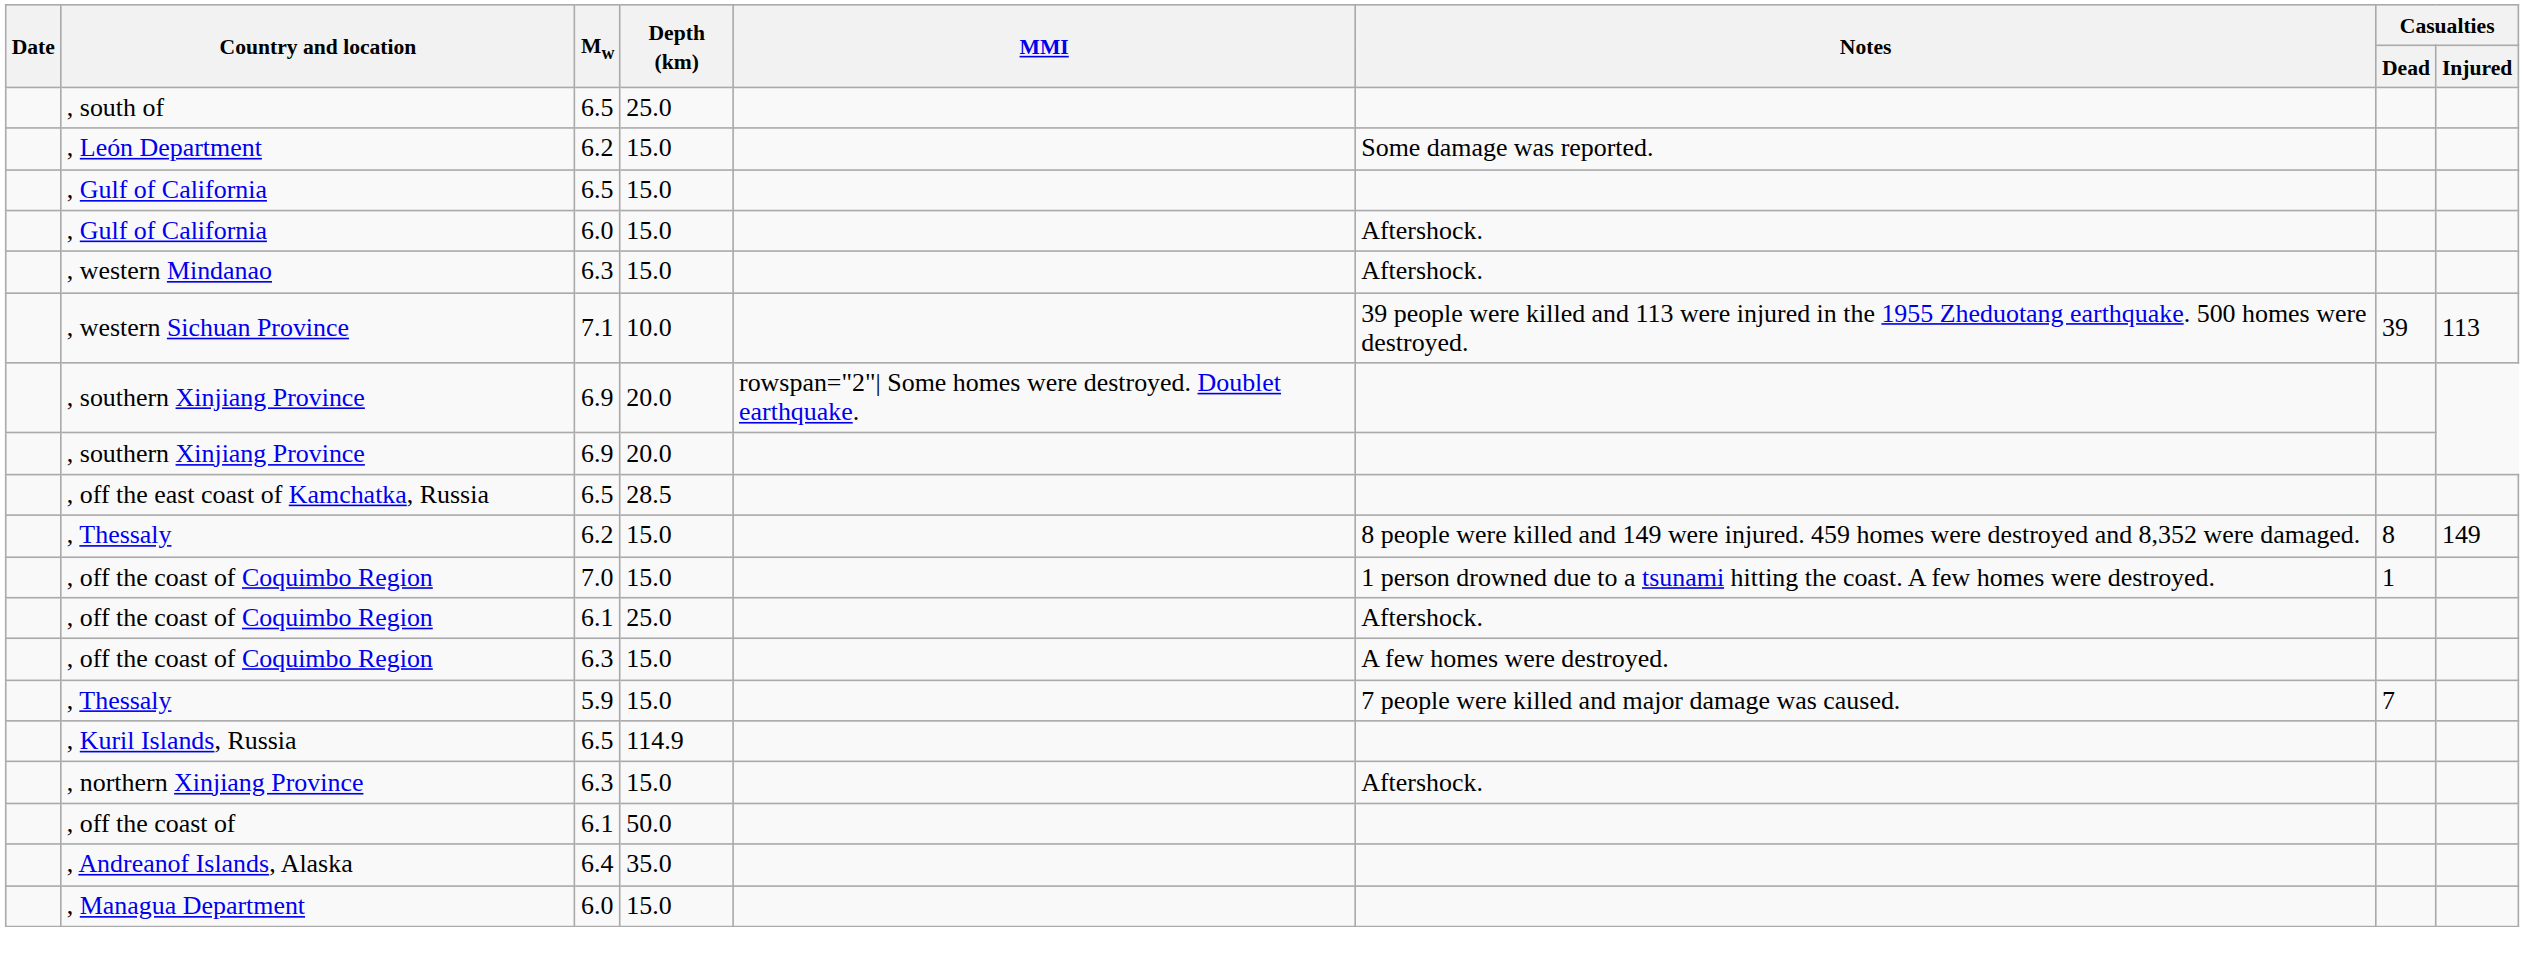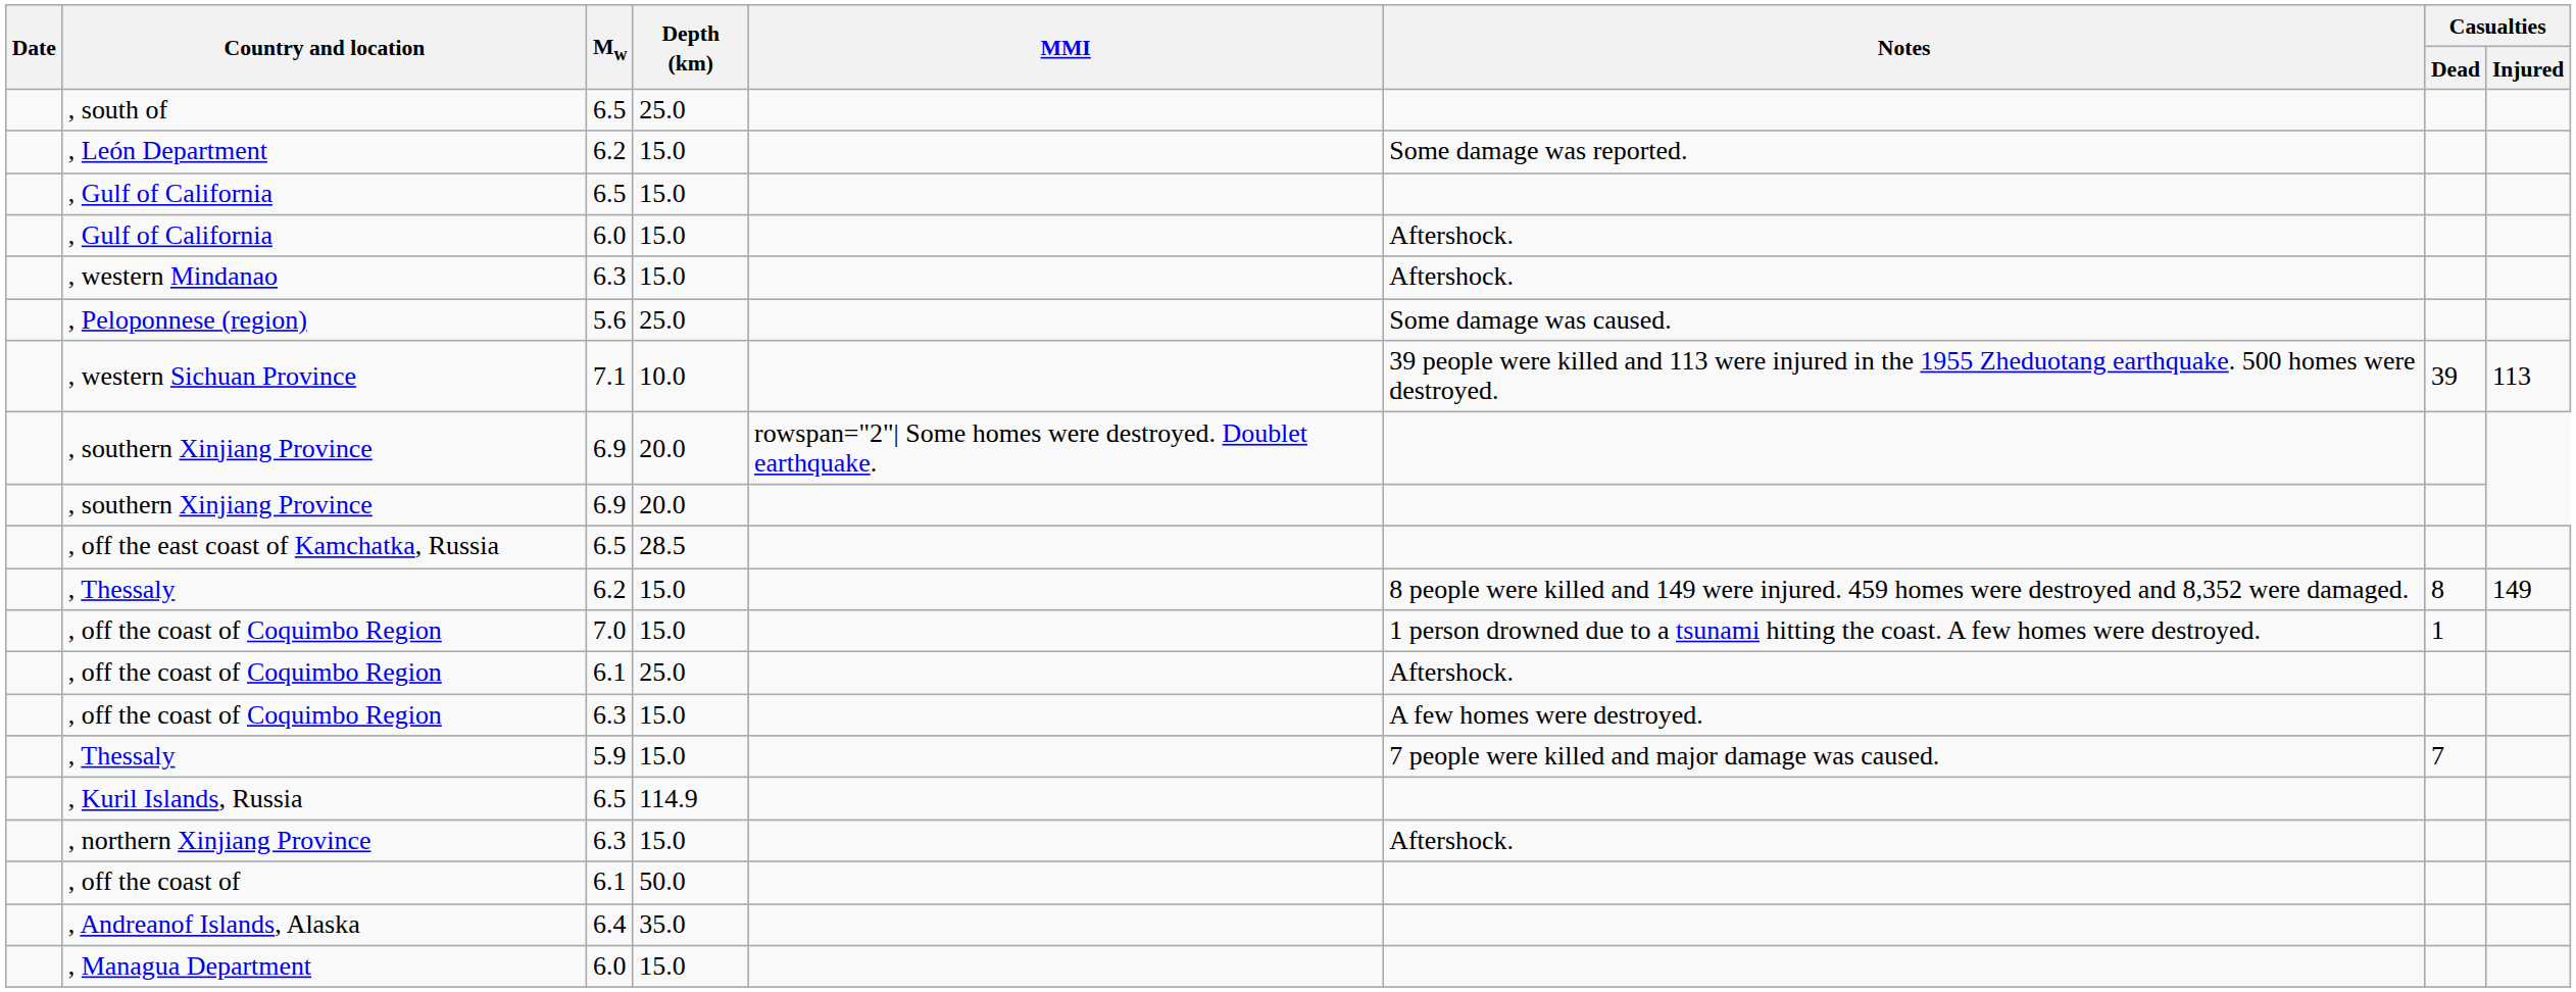 <table class="wikitable sortable sort-under" style="border:1px black; margin-left:1em;">
 <tr>
 <th rowspan="2"><small>Date</small></th>
 <th rowspan="2" style="width: 310px"><small>Country and location</small></th>
 <th rowspan="2"><small>M<sub>w</sub></small></th>
 <th rowspan="2"><small>Depth (km)</small></th>
 <th rowspan="2"><small><a href='#'>MMI</a></small></th>
 <th rowspan="2" class="unsortable"><small>Notes</small></th>
 <th colspan="2"><small>Casualties</small></th>
 </tr>
 <tr>
 <th><small>Dead</small></th>
 <th><small>Injured</small></th>
 </tr>
 <tr>
 <td></td>
 <td>, south of</td>
 <td>6.5</td>
 <td>25.0</td>
 <td></td>
 <td></td>
 <td></td>
 <td></td>
 </tr>
 <tr>
 <td></td>
 <td>, <a href='#'>León Department</a></td>
 <td>6.2</td>
 <td>15.0</td>
 <td></td>
 <td>Some damage was reported.</td>
 <td></td>
 <td></td>
 </tr>
 <tr>
 <td></td>
 <td>, <a href='#'>Gulf of California</a></td>
 <td>6.5</td>
 <td>15.0</td>
 <td></td>
 <td></td>
 <td></td>
 <td></td>
 </tr>
 <tr>
 <td></td>
 <td>, <a href='#'>Gulf of California</a></td>
 <td>6.0</td>
 <td>15.0</td>
 <td></td>
 <td>Aftershock.</td>
 <td></td>
 <td></td>
 </tr>
 <tr>
 <td></td>
 <td>, western <a href='#'>Mindanao</a></td>
 <td>6.3</td>
 <td>15.0</td>
 <td></td>
 <td>Aftershock.</td>
+<td></td>
+<td></td>
+</tr>
+<tr>
+<td></td>
+<td>, <a href='#'>Peloponnese (region)</a></td>
+<td>5.6</td>
+<td>25.0</td>
+<td></td>
+<td>Some damage was caused.</td>
 <td></td>
 <td></td>
 </tr>
 <tr>
 <td></td>
 <td>, western <a href='#'>Sichuan Province</a></td>
 <td>7.1</td>
 <td>10.0</td>
 <td></td>
 <td>39 people were killed and 113 were injured in the <a href='#'>1955 Zheduotang earthquake</a>. 500 homes were destroyed.</td>
 <td>39</td>
 <td>113</td>
 </tr>
 <tr>
 <td></td>
 <td>, southern <a href='#'>Xinjiang Province</a></td>
 <td>6.9</td>
 <td>20.0</td>
 <td>rowspan="2"| Some homes were destroyed. <a href='#'>Doublet earthquake</a>.</td>
 <td></td>
 <td></td>
 </tr>
 <tr>
 <td></td>
 <td>, southern <a href='#'>Xinjiang Province</a></td>
 <td>6.9</td>
 <td>20.0</td>
 <td></td>
 <td></td>
 <td></td>
 </tr>
 <tr>
 <td></td>
 <td>, off the east coast of <a href='#'>Kamchatka</a>, Russia</td>
 <td>6.5</td>
 <td>28.5</td>
 <td></td>
 <td></td>
 <td></td>
 <td></td>
 </tr>
 <tr>
 <td></td>
 <td>, <a href='#'>Thessaly</a></td>
 <td>6.2</td>
 <td>15.0</td>
 <td></td>
 <td>8 people were killed and 149 were injured. 459 homes were destroyed and 8,352 were damaged.</td>
 <td>8</td>
 <td>149</td>
 </tr>
 <tr>
 <td></td>
 <td>, off the coast of <a href='#'>Coquimbo Region</a></td>
 <td>7.0</td>
 <td>15.0</td>
 <td></td>
 <td>1 person drowned due to a <a href='#'>tsunami</a> hitting the coast. A few homes were destroyed.</td>
 <td>1</td>
 <td></td>
 </tr>
 <tr>
 <td></td>
 <td>, off the coast of <a href='#'>Coquimbo Region</a></td>
 <td>6.1</td>
 <td>25.0</td>
 <td></td>
 <td>Aftershock.</td>
 <td></td>
 <td></td>
 </tr>
 <tr>
 <td></td>
 <td>, off the coast of <a href='#'>Coquimbo Region</a></td>
 <td>6.3</td>
 <td>15.0</td>
 <td></td>
 <td>A few homes were destroyed.</td>
 <td></td>
 <td></td>
 </tr>
 <tr>
 <td></td>
 <td>, <a href='#'>Thessaly</a></td>
 <td>5.9</td>
 <td>15.0</td>
 <td></td>
 <td>7 people were killed and major damage was caused.</td>
 <td>7</td>
 <td></td>
 </tr>
 <tr>
 <td></td>
 <td>, <a href='#'>Kuril Islands</a>, Russia</td>
 <td>6.5</td>
 <td>114.9</td>
 <td></td>
 <td></td>
 <td></td>
 <td></td>
 </tr>
 <tr>
 <td></td>
 <td>, northern <a href='#'>Xinjiang Province</a></td>
 <td>6.3</td>
 <td>15.0</td>
 <td></td>
 <td>Aftershock.</td>
 <td></td>
 <td></td>
 </tr>
 <tr>
 <td></td>
 <td>, off the coast of</td>
 <td>6.1</td>
 <td>50.0</td>
 <td></td>
 <td></td>
 <td></td>
 <td></td>
 </tr>
 <tr>
 <td></td>
 <td>, <a href='#'>Andreanof Islands</a>, Alaska</td>
 <td>6.4</td>
 <td>35.0</td>
 <td></td>
 <td></td>
 <td></td>
 <td></td>
 </tr>
 <tr>
 <td></td>
 <td>, <a href='#'>Managua Department</a></td>
 <td>6.0</td>
 <td>15.0</td>
 <td></td>
 <td></td>
 <td></td>
 <td></td>
 </tr>
 </table>
